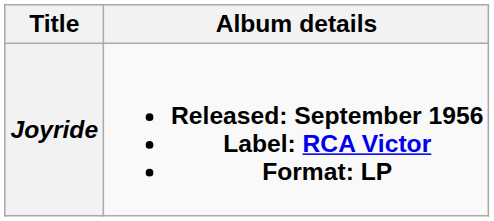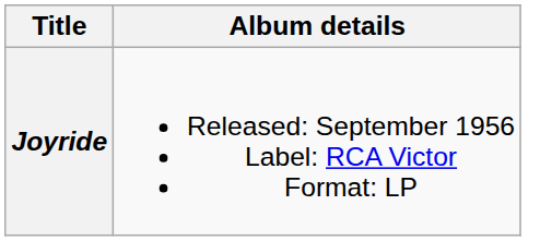 <table class="wikitable plainrowheaders" style="text-align:center;">
 <tr>
 <th scope="col">Title</th>
 <th scope="col">Album details</th>
 </tr>
 <tr>
 <th scope="row"><em>Joyride</em></th>
-<td><strong><br><ul><li>Released: September 1956</li><li>Label: <a href='#'>RCA Victor</a></li><li>Format: LP</li></ul></strong></td>
+<td><br><ul><li>Released: September 1956</li><li>Label: <a href='#'>RCA Victor</a></li><li>Format: LP</li></ul></td>
 </tr>
 </table>
